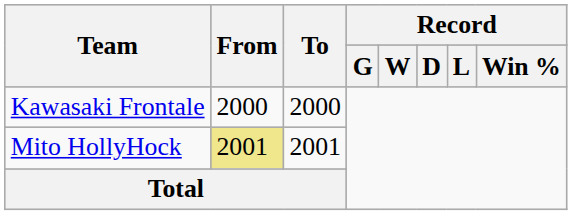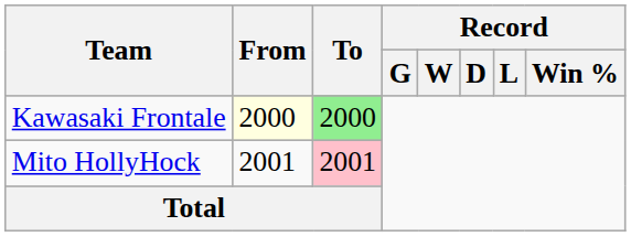 <table class="wikitable" style="text-align: center">
 <tr>
 <th rowspan="2">Team</th>
 <th rowspan="2">From</th>
 <th rowspan="2">To</th>
 <th colspan="5">Record</th>
 </tr>
 <tr>
 <th>G</th>
 <th>W</th>
 <th>D</th>
 <th>L</th>
 <th>Win %</th>
 </tr>
 <tr>
 <td align="left"><a href='#'>Kawasaki Frontale</a></td>
-<td align="left">2000</td>
-<td align="left">2000<br></td>
+<td align="left" style="background: lightyellow;">2000</td>
+<td align="left" style="background: lightgreen;">2000<br></td>
 </tr>
 <tr>
 <td align="left"><a href='#'>Mito HollyHock</a></td>
-<td align="left" style="background: khaki;">2001</td>
-<td align="left">2001<br></td>
+<td align="left">2001</td>
+<td align="left" style="background: pink;">2001<br></td>
 </tr>
 <tr>
 <th colspan="3">Total<br></th>
 </tr>
 </table>
